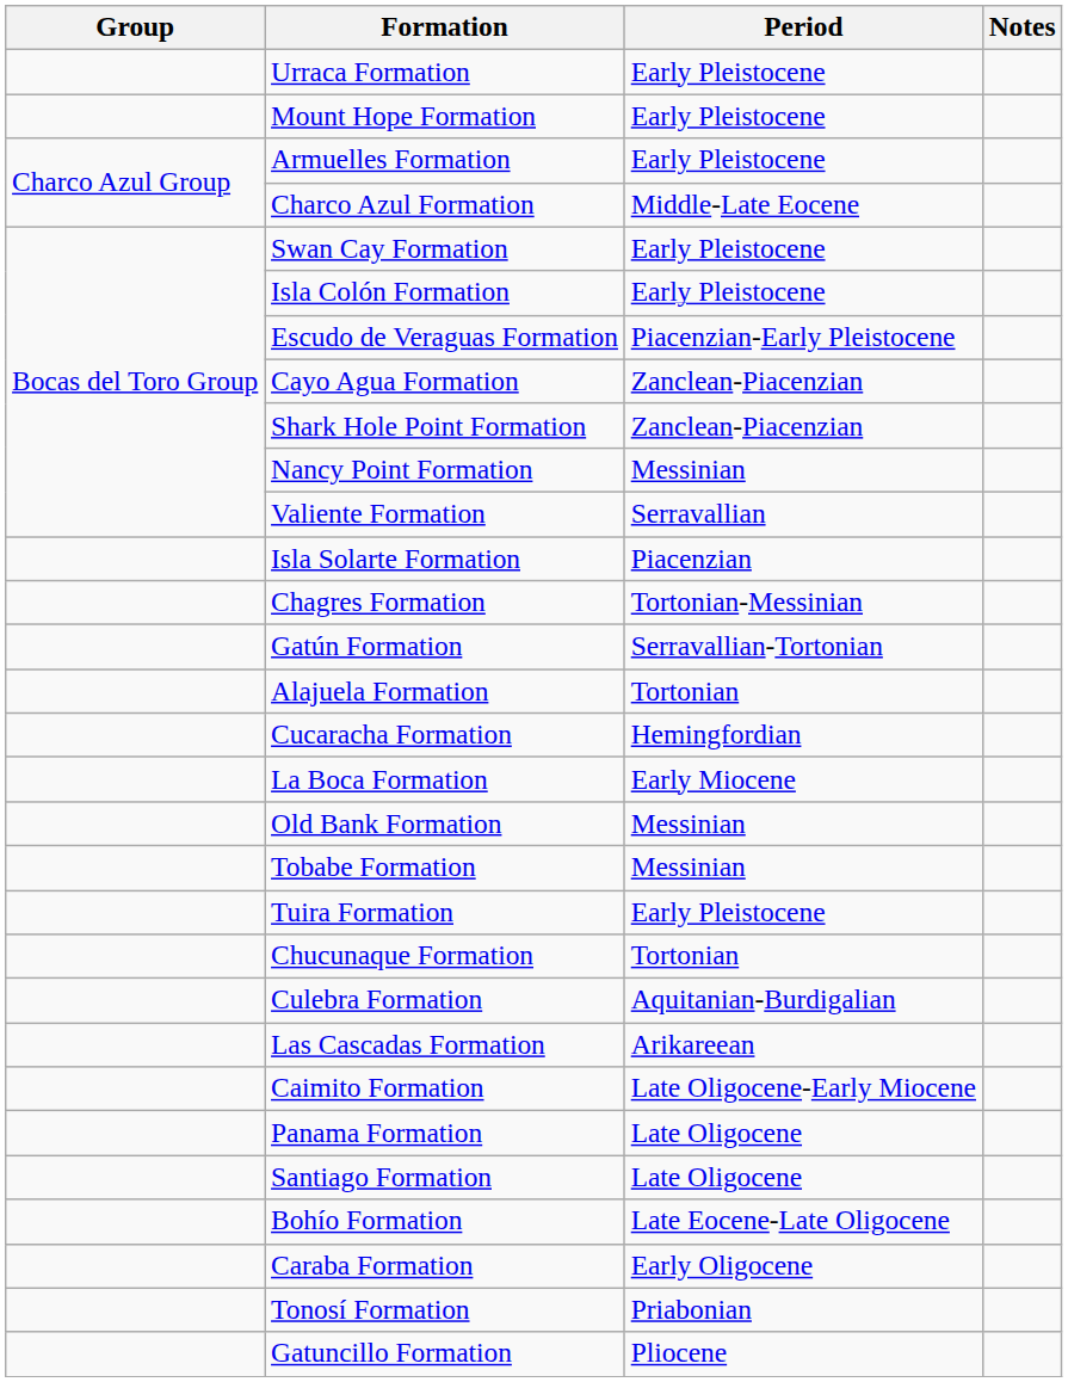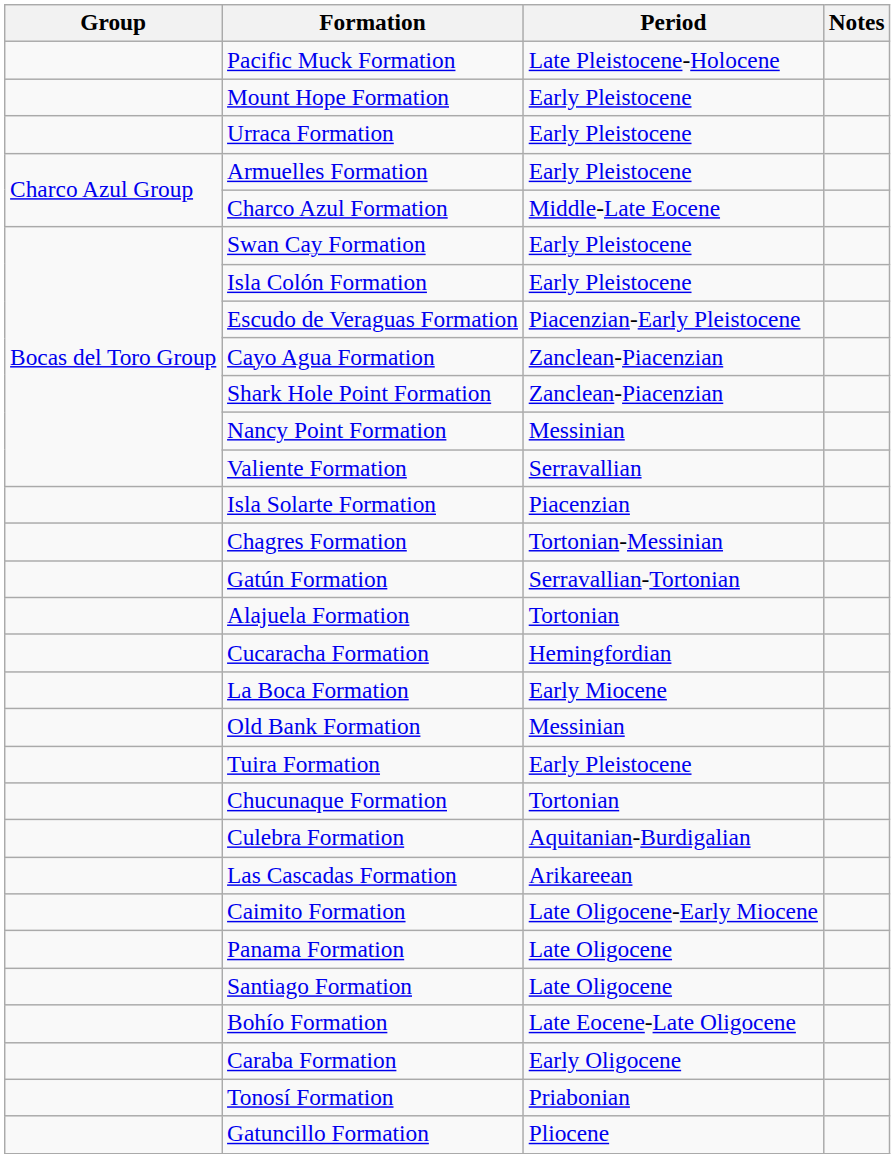 <table class="wikitable sortable">
 <tr>
 <th>Group</th>
 <th>Formation</th>
 <th>Period</th>
 <th class="unsortable">Notes</th>
 </tr>
 <tr>
 <td></td>
-<td><a href='#'>Urraca Formation</a></td>
+<td><a href='#'>Pacific Muck Formation</a></td>
+<td style="background-color: "><a href='#'>Late Pleistocene</a>-<a href='#'>Holocene</a></td>
+<td align=center></td>
+</tr>
+<tr>
+<td></td>
+<td><a href='#'>Mount Hope Formation</a></td>
 <td style="background-color: "><a href='#'>Early Pleistocene</a></td>
 <td align=center></td>
 </tr>
 <tr>
 <td></td>
-<td><a href='#'>Mount Hope Formation</a></td>
+<td><a href='#'>Urraca Formation</a></td>
 <td style="background-color: "><a href='#'>Early Pleistocene</a></td>
 <td align=center></td>
 </tr>
 <tr>
 <td rowspan=2><a href='#'>Charco Azul Group</a></td>
 <td><a href='#'>Armuelles Formation</a></td>
 <td style="background-color: "><a href='#'>Early Pleistocene</a></td>
 <td align=center></td>
 </tr>
 <tr>
 <td><a href='#'>Charco Azul Formation</a></td>
 <td style="background-color: "><a href='#'>Middle</a>-<a href='#'>Late Eocene</a></td>
 <td align=center></td>
 </tr>
 <tr>
 <td rowspan=7><a href='#'>Bocas del Toro Group</a></td>
 <td><a href='#'>Swan Cay Formation</a></td>
 <td style="background-color: "><a href='#'>Early Pleistocene</a></td>
 <td align=center></td>
 </tr>
 <tr>
 <td><a href='#'>Isla Colón Formation</a></td>
 <td style="background-color: "><a href='#'>Early Pleistocene</a></td>
 <td align=center></td>
 </tr>
 <tr>
 <td><a href='#'>Escudo de Veraguas Formation</a></td>
 <td style="background-color: "><a href='#'>Piacenzian</a>-<a href='#'>Early Pleistocene</a></td>
 <td align=center></td>
 </tr>
 <tr>
 <td><a href='#'>Cayo Agua Formation</a></td>
 <td style="background-color: "><a href='#'>Zanclean</a>-<a href='#'>Piacenzian</a></td>
 <td align=center></td>
 </tr>
 <tr>
 <td><a href='#'>Shark Hole Point Formation</a></td>
 <td style="background-color: "><a href='#'>Zanclean</a>-<a href='#'>Piacenzian</a></td>
 <td align=center></td>
 </tr>
 <tr>
 <td><a href='#'>Nancy Point Formation</a></td>
 <td style="background-color: "><a href='#'>Messinian</a></td>
 <td align=center></td>
 </tr>
 <tr>
 <td><a href='#'>Valiente Formation</a></td>
 <td style="background-color: "><a href='#'>Serravallian</a></td>
 <td align=center></td>
 </tr>
 <tr>
 <td></td>
 <td><a href='#'>Isla Solarte Formation</a></td>
 <td style="background-color: "><a href='#'>Piacenzian</a></td>
 <td align=center></td>
 </tr>
 <tr>
 <td></td>
 <td><a href='#'>Chagres Formation</a></td>
 <td style="background-color: "><a href='#'>Tortonian</a>-<a href='#'>Messinian</a></td>
 <td align=center></td>
 </tr>
 <tr>
 <td></td>
 <td><a href='#'>Gatún Formation</a></td>
 <td style="background-color: "><a href='#'>Serravallian</a>-<a href='#'>Tortonian</a></td>
 <td align=center></td>
 </tr>
 <tr>
 <td></td>
 <td><a href='#'>Alajuela Formation</a></td>
 <td style="background-color: "><a href='#'>Tortonian</a></td>
 <td align=center></td>
 </tr>
 <tr>
 <td></td>
 <td><a href='#'>Cucaracha Formation</a></td>
 <td style="background-color: "><a href='#'>Hemingfordian</a></td>
 <td align=center></td>
 </tr>
 <tr>
 <td></td>
 <td><a href='#'>La Boca Formation</a></td>
 <td style="background-color: "><a href='#'>Early Miocene</a></td>
 <td align=center></td>
 </tr>
 <tr>
 <td></td>
 <td><a href='#'>Old Bank Formation</a></td>
 <td style="background-color: "><a href='#'>Messinian</a></td>
 <td align=center></td>
 </tr>
 <tr>
 <td></td>
-<td><a href='#'>Tobabe Formation</a></td>
-<td style="background-color: "><a href='#'>Messinian</a></td>
-<td align=center></td>
-</tr>
-<tr>
-<td></td>
 <td><a href='#'>Tuira Formation</a></td>
 <td style="background-color: "><a href='#'>Early Pleistocene</a></td>
 <td align=center></td>
 </tr>
 <tr>
 <td></td>
 <td><a href='#'>Chucunaque Formation</a></td>
 <td style="background-color: "><a href='#'>Tortonian</a></td>
 <td align=center></td>
 </tr>
 <tr>
 <td></td>
 <td><a href='#'>Culebra Formation</a></td>
 <td style="background-color: "><a href='#'>Aquitanian</a>-<a href='#'>Burdigalian</a></td>
 <td align=center></td>
 </tr>
 <tr>
 <td></td>
 <td><a href='#'>Las Cascadas Formation</a></td>
 <td style="background-color: "><a href='#'>Arikareean</a></td>
 <td align=center></td>
 </tr>
 <tr>
 <td></td>
 <td><a href='#'>Caimito Formation</a></td>
 <td style="background-color: "><a href='#'>Late Oligocene</a>-<a href='#'>Early Miocene</a></td>
 <td align=center></td>
 </tr>
 <tr>
 <td></td>
 <td><a href='#'>Panama Formation</a></td>
 <td style="background-color: "><a href='#'>Late Oligocene</a></td>
 <td align=center></td>
 </tr>
 <tr>
 <td></td>
 <td><a href='#'>Santiago Formation</a></td>
 <td style="background-color: "><a href='#'>Late Oligocene</a></td>
 <td align=center></td>
 </tr>
 <tr>
 <td></td>
 <td><a href='#'>Bohío Formation</a></td>
 <td style="background-color: "><a href='#'>Late Eocene</a>-<a href='#'>Late Oligocene</a></td>
 <td align=center></td>
 </tr>
 <tr>
 <td></td>
 <td><a href='#'>Caraba Formation</a></td>
 <td style="background-color: "><a href='#'>Early Oligocene</a></td>
 <td align=center></td>
 </tr>
 <tr>
 <td></td>
 <td><a href='#'>Tonosí Formation</a></td>
 <td style="background-color: "><a href='#'>Priabonian</a></td>
 <td align=center></td>
 </tr>
 <tr>
 <td></td>
 <td><a href='#'>Gatuncillo Formation</a></td>
 <td style="background-color: "><a href='#'>Pliocene</a></td>
 <td align=center></td>
 </tr>
 <tr>
 </tr>
 </table>
